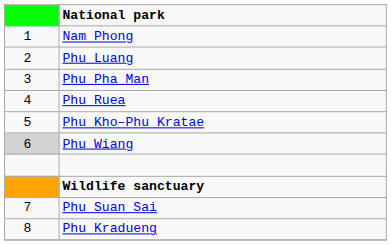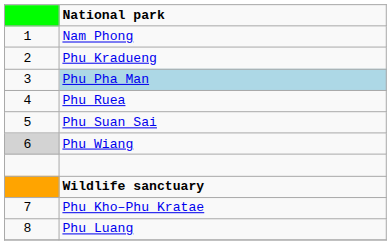 <table class= "wikitable" style= "width:30%; display:inline-table;">
 <tr>
 <td style="width:3%; background:#00FF00;"> </td>
 <td style="width:27%;"><strong>National park</strong></td>
 </tr>
 <tr>
 <td>  1</td>
 <td><a href='#'>Nam Phong</a></td>
 </tr>
 <tr>
 <td>  2</td>
-<td><a href='#'>Phu Luang</a></td>
+<td><a href='#'>Phu Kradueng</a></td>
 </tr>
 <tr>
 <td>  3</td>
-<td><a href='#'>Phu Pha Man</a></td>
+<td style="background: lightblue;"><a href='#'>Phu Pha Man</a></td>
 </tr>
 <tr>
 <td>  4</td>
 <td><a href='#'>Phu Ruea</a></td>
 </tr>
 <tr>
 <td>  5</td>
-<td><a href='#'>Phu Kho–Phu Kratae</a></td>
+<td><a href='#'>Phu Suan Sai</a></td>
 </tr>
 <tr>
 <td style="background: lightgrey;">  6</td>
 <td><a href='#'>Phu Wiang</a></td>
 </tr>
 <tr>
 <td> </td>
 <td> </td>
 </tr>
 <tr>
 <td style="width:3%; background:#FFA400;"> </td>
 <td style="width:27%;"><strong>Wildlife sanctuary</strong></td>
 </tr>
 <tr>
 <td>  7</td>
-<td><a href='#'>Phu Suan Sai</a></td>
+<td><a href='#'>Phu Kho–Phu Kratae</a></td>
 </tr>
 <tr>
 <td>  8</td>
-<td><a href='#'>Phu Kradueng</a></td>
+<td><a href='#'>Phu Luang</a></td>
 </tr>
 <tr>
 </tr>
 </table>
